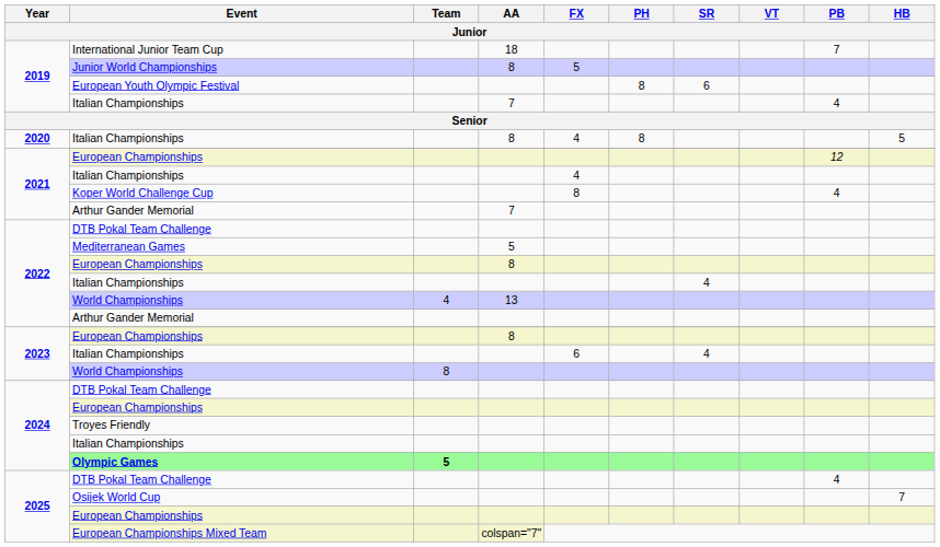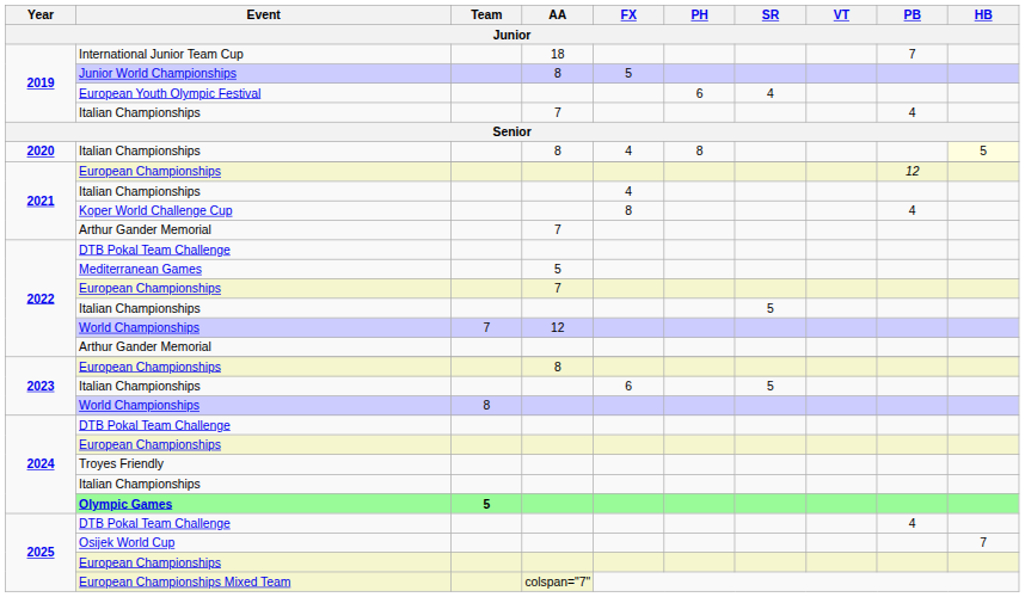 <table class="wikitable sortable" style="text-align:center; font-size:95%;">
 <tr>
 <th width=7% class=unsortable>Year</th>
 <th width=37% class=unsortable>Event</th>
 <th width=7% class=unsortable>Team</th>
 <th width=7% class=unsortable>AA</th>
 <th width=7% class=unsortable><a href='#'>FX</a></th>
 <th width=7% class=unsortable><a href='#'>PH</a></th>
 <th width=7% class=unsortable><a href='#'>SR</a></th>
 <th width=7% class=unsortable><a href='#'>VT</a></th>
 <th width=7% class=unsortable><a href='#'>PB</a></th>
 <th width=7% class=unsortable><a href='#'>HB</a></th>
 </tr>
 <tr>
 <th colspan="10">Junior</th>
 </tr>
 <tr>
 <td rowspan="4"><strong><a href='#'>2019</a></strong></td>
 <td align=left>International Junior Team Cup</td>
 <td></td>
 <td>18</td>
 <td></td>
 <td></td>
 <td></td>
 <td></td>
 <td>7</td>
 <td></td>
 </tr>
 <tr style="background:#ccf;">
 <td align=left><a href='#'>Junior World Championships</a></td>
 <td></td>
 <td>8</td>
 <td>5</td>
 <td></td>
 <td></td>
 <td></td>
 <td></td>
 <td></td>
 </tr>
 <tr>
 <td align=left><a href='#'>European Youth Olympic Festival</a></td>
 <td></td>
 <td></td>
 <td></td>
-<td>8</td>
 <td>6</td>
+<td>4</td>
 <td></td>
 <td></td>
 <td></td>
 </tr>
 <tr>
 <td align=left>Italian Championships</td>
 <td></td>
 <td>7</td>
 <td></td>
 <td></td>
 <td></td>
 <td></td>
 <td>4</td>
 <td></td>
 </tr>
 <tr>
 <th colspan="10">Senior</th>
 </tr>
 <tr>
 <td rowspan="1"><strong><a href='#'>2020</a></strong></td>
 <td align=left>Italian Championships</td>
 <td></td>
 <td>8</td>
 <td>4</td>
 <td>8</td>
 <td></td>
 <td></td>
 <td></td>
-<td>5</td>
+<td style="background: lightyellow;">5</td>
 </tr>
 <tr>
 <td rowspan="5"><strong><a href='#'>2021</a></strong></td>
 </tr>
 <tr bgcolor=#F5F6CE>
 <td align=left><a href='#'>European Championships</a></td>
 <td></td>
 <td></td>
 <td></td>
 <td></td>
 <td></td>
 <td></td>
 <td><em>12</em></td>
 <td></td>
 </tr>
 <tr>
 <td align=left>Italian Championships</td>
 <td></td>
 <td></td>
 <td>4</td>
 <td></td>
 <td></td>
 <td></td>
 <td></td>
 <td></td>
 </tr>
 <tr>
 <td align=left><a href='#'>Koper World Challenge Cup</a></td>
 <td></td>
 <td></td>
 <td>8</td>
 <td></td>
 <td></td>
 <td></td>
 <td>4</td>
 <td></td>
 </tr>
 <tr>
 <td align=left>Arthur Gander Memorial</td>
 <td></td>
 <td>7</td>
 <td></td>
 <td></td>
 <td></td>
 <td></td>
 <td></td>
 <td></td>
 </tr>
 <tr>
 <td rowspan="6"><strong><a href='#'>2022</a></strong></td>
 <td align=left><a href='#'>DTB Pokal Team Challenge</a></td>
 <td></td>
 <td></td>
 <td></td>
 <td></td>
 <td></td>
 <td></td>
 <td></td>
 <td></td>
 </tr>
 <tr>
 <td align=left><a href='#'>Mediterranean Games</a></td>
 <td></td>
 <td>5</td>
 <td></td>
 <td></td>
 <td></td>
 <td></td>
 <td></td>
 <td></td>
 </tr>
 <tr bgcolor=#F5F6CE>
 <td align=left><a href='#'>European Championships</a></td>
 <td></td>
-<td>8</td>
+<td>7</td>
 <td></td>
 <td></td>
 <td></td>
 <td></td>
 <td></td>
 <td></td>
 </tr>
 <tr>
 <td align=left>Italian Championships</td>
 <td></td>
 <td></td>
 <td></td>
 <td></td>
-<td>4</td>
+<td>5</td>
 <td></td>
 <td></td>
 <td></td>
 </tr>
 <tr style="background:#ccf;">
 <td align=left><a href='#'>World Championships</a></td>
-<td>4</td>
-<td>13</td>
+<td>7</td>
+<td>12</td>
 <td></td>
 <td></td>
 <td></td>
 <td></td>
 <td></td>
 <td></td>
 </tr>
 <tr>
 <td align=left>Arthur Gander Memorial</td>
 <td></td>
 <td></td>
 <td></td>
 <td></td>
 <td></td>
 <td></td>
 <td></td>
 <td></td>
 </tr>
 <tr>
 <td rowspan="4"><strong><a href='#'>2023</a></strong></td>
 </tr>
 <tr bgcolor=#F5F6CE>
 <td align=left><a href='#'>European Championships</a></td>
 <td></td>
 <td>8</td>
 <td></td>
 <td></td>
 <td></td>
 <td></td>
 <td></td>
 <td></td>
 </tr>
 <tr>
 <td align=left>Italian Championships</td>
 <td></td>
 <td></td>
 <td>6</td>
 <td></td>
-<td>4</td>
+<td>5</td>
 <td></td>
 <td></td>
 <td></td>
 </tr>
 <tr style="background:#ccf;">
 <td align=left><a href='#'>World Championships</a></td>
 <td>8</td>
 <td></td>
 <td></td>
 <td></td>
 <td></td>
 <td></td>
 <td></td>
 <td></td>
 </tr>
 <tr>
 <td rowspan="5"><strong><a href='#'>2024</a></strong></td>
 <td align=left><a href='#'>DTB Pokal Team Challenge</a></td>
 <td></td>
 <td></td>
 <td></td>
 <td></td>
 <td></td>
 <td></td>
 <td></td>
 <td></td>
 </tr>
 <tr bgcolor=#F5F6CE>
 <td align=left><a href='#'>European Championships</a></td>
 <td></td>
 <td></td>
 <td></td>
 <td></td>
 <td></td>
 <td></td>
 <td></td>
 <td></td>
 </tr>
 <tr>
 <td align=left>Troyes Friendly</td>
 <td></td>
 <td></td>
 <td></td>
 <td></td>
 <td></td>
 <td></td>
 <td></td>
 <td></td>
 </tr>
 <tr>
 <td align=left>Italian Championships</td>
 <td></td>
 <td></td>
 <td></td>
 <td></td>
 <td></td>
 <td></td>
 <td></td>
 <td></td>
 </tr>
 <tr bgcolor=98FB98>
 <td align=left><strong><a href='#'>Olympic Games</a></strong></td>
 <td><strong>5</strong></td>
 <td></td>
 <td></td>
 <td></td>
 <td></td>
 <td></td>
 <td></td>
 <td></td>
 </tr>
 <tr>
 <td rowspan="4"><strong><a href='#'>2025</a></strong></td>
 <td align=left><a href='#'>DTB Pokal Team Challenge</a></td>
 <td></td>
 <td></td>
 <td></td>
 <td></td>
 <td></td>
 <td></td>
 <td>4</td>
 <td></td>
 </tr>
 <tr>
 <td align=left><a href='#'>Osijek World Cup</a></td>
 <td></td>
 <td></td>
 <td></td>
 <td></td>
 <td></td>
 <td></td>
 <td></td>
 <td>7</td>
 </tr>
 <tr bgcolor=#F5F6CE>
 <td align=left><a href='#'>European Championships</a></td>
 <td></td>
 <td></td>
 <td></td>
 <td></td>
 <td></td>
 <td></td>
 <td></td>
 <td></td>
 </tr>
 <tr bgcolor=#F5F6CE>
 <td align=left><a href='#'>European Championships Mixed Team</a></td>
 <td></td>
 <td>colspan="7" </td>
 </tr>
 </table>
